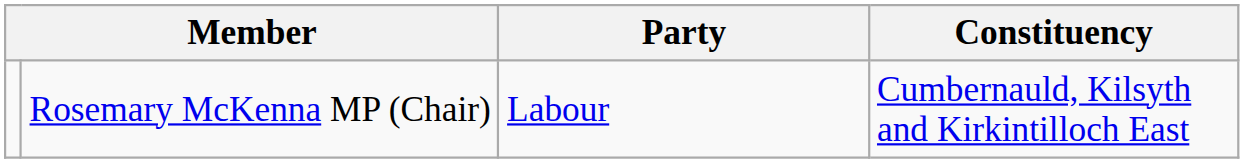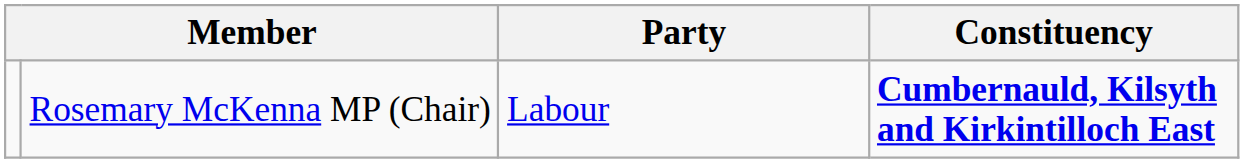 <table class="wikitable">
 <tr>
 <th colspan="2">Member</th>
 <th valign="top" width="160px">Party</th>
 <th valign="top" width="160px">Constituency</th>
 </tr>
 <tr>
 <td style="color:inherit;background:"></td>
 <td><a href='#'>Rosemary McKenna</a> MP (Chair)</td>
 <td><a href='#'>Labour</a></td>
-<td><a href='#'>Cumbernauld, Kilsyth and Kirkintilloch East</a></td>
+<td><strong><a href='#'>Cumbernauld, Kilsyth and Kirkintilloch East</a></strong></td>
 </tr>
 </table>
